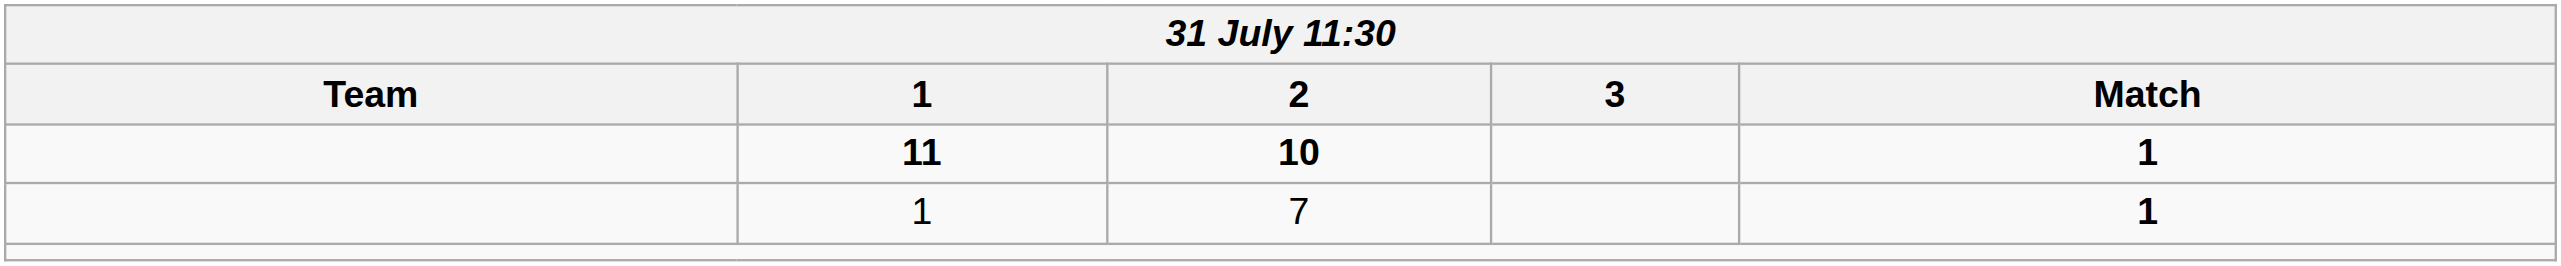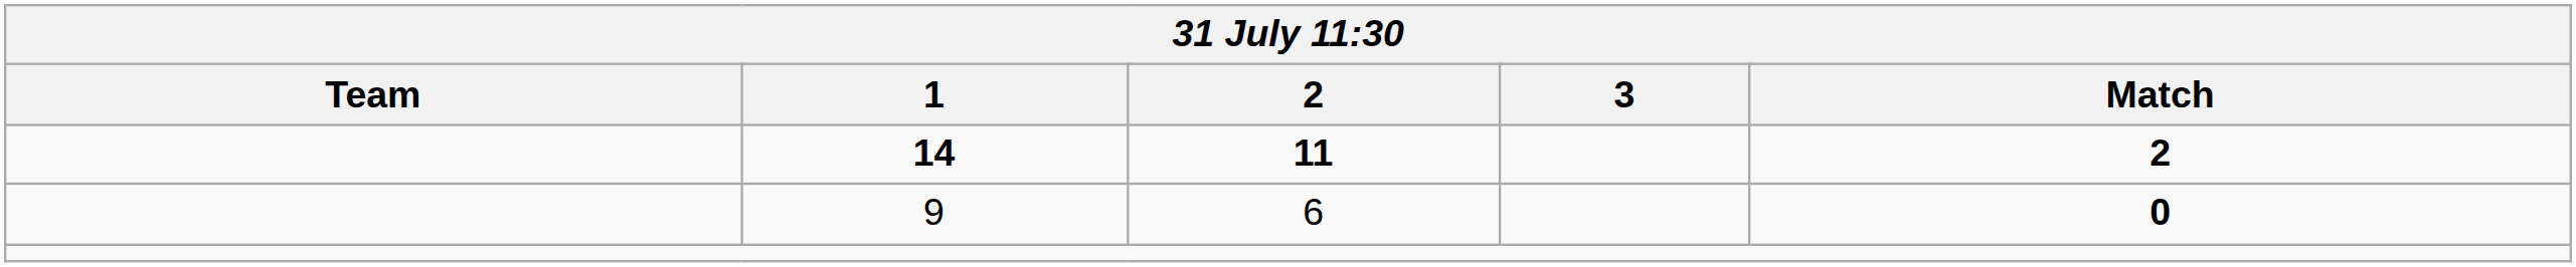 <table class=wikitable style="text-align:center; width: 55%">
 <tr>
 <th colspan=10><em>31 July 11:30</em></th>
 </tr>
 <tr>
 <th>Team</th>
 <th>1</th>
 <th>2</th>
 <th>3</th>
 <th>Match</th>
 </tr>
 <tr>
 <td align=left><strong><br></strong></td>
+<td><strong>14</strong></td>
 <td><strong>11</strong></td>
-<td><strong>10</strong></td>
 <td></td>
-<td><strong>1</strong></td>
+<td><strong>2</strong></td>
 </tr>
 <tr>
 <td align=left><br></td>
-<td>1</td>
-<td>7</td>
+<td>9</td>
+<td>6</td>
 <td></td>
-<td><strong>1</strong></td>
+<td><strong>0</strong></td>
 </tr>
 <tr>
 <td colspan=10></td>
 </tr>
 </table>
